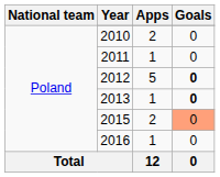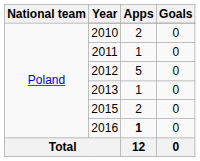 <table class="wikitable" style="text-align:center">
 <tr>
 <th>National team</th>
 <th>Year</th>
 <th>Apps</th>
 <th>Goals</th>
 </tr>
 <tr>
 <td rowspan=7><a href='#'>Poland</a></td>
 </tr>
 <tr>
 <td>2010</td>
 <td>2</td>
 <td>0</td>
 </tr>
 <tr>
 <td>2011</td>
 <td>1</td>
 <td>0</td>
 </tr>
 <tr>
 <td>2012</td>
 <td>5</td>
-<td><strong>0</strong></td>
+<td>0</td>
 </tr>
 <tr>
 <td>2013</td>
 <td>1</td>
-<td><strong>0</strong></td>
+<td>0</td>
 </tr>
 <tr>
 <td>2015</td>
 <td>2</td>
-<td style="background: lightsalmon;">0</td>
+<td>0</td>
 </tr>
 <tr>
 <td>2016</td>
-<td>1</td>
+<td><strong>1</strong></td>
 <td>0</td>
 </tr>
 <tr>
 <th colspan="2">Total</th>
 <th>12</th>
 <th>0</th>
 </tr>
 </table>
